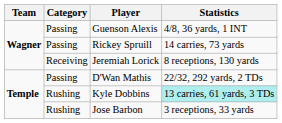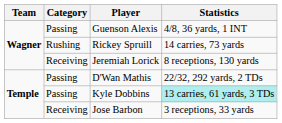 <table class="wikitable" style="float: left;">
 <tr>
 <th>Team</th>
 <th>Category</th>
 <th>Player</th>
 <th>Statistics</th>
 </tr>
 <tr>
 <td rowspan=3><strong>Wagner</strong></td>
 <td>Passing</td>
 <td>Guenson Alexis</td>
 <td>4/8, 36 yards, 1 INT</td>
 </tr>
 <tr>
-<td>Passing</td>
+<td>Rushing</td>
 <td>Rickey Spruill</td>
 <td>14 carries, 73 yards</td>
 </tr>
 <tr>
 <td>Receiving</td>
 <td>Jeremiah Lorick</td>
 <td>8 receptions, 130 yards</td>
 </tr>
 <tr>
 <td rowspan=3><strong>Temple</strong></td>
 <td>Passing</td>
 <td>D'Wan Mathis</td>
 <td>22/32, 292 yards, 2 TDs</td>
 </tr>
 <tr>
-<td>Rushing</td>
+<td>Passing</td>
 <td>Kyle Dobbins</td>
 <td style="background: paleturquoise;">13 carries, 61 yards, 3 TDs</td>
 </tr>
 <tr>
-<td>Rushing</td>
+<td>Receiving</td>
 <td>Jose Barbon</td>
 <td>3 receptions, 33 yards</td>
 </tr>
 </table>
